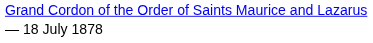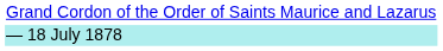 <table>
 <tr>
 <td rowspan=2 style="width:60px; vertical-align:top;"></td>
 <td><a href='#'>Grand Cordon of the Order of Saints Maurice and Lazarus</a></td>
 </tr>
 <tr>
-<td>— 18 July 1878</td>
+<td style="background: paleturquoise;">— 18 July 1878</td>
 </tr>
 </table>
